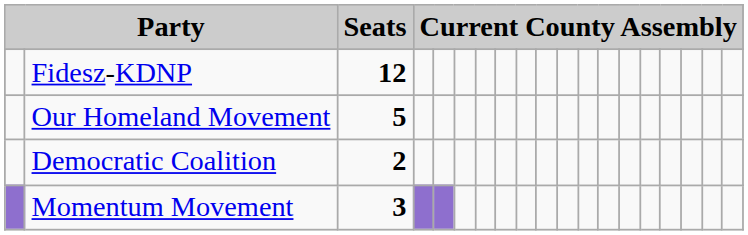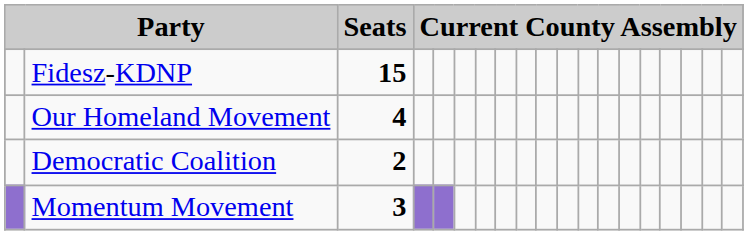 <table class="wikitable">
 <tr>
 <th style="background:#ccc" colspan="2">Party</th>
 <th style="background:#ccc">Seats</th>
 <th style="background:#ccc" colspan="24">Current County Assembly</th>
 </tr>
 <tr>
 <td style="background-color: "> </td>
 <td><a href='#'>Fidesz</a>-<a href='#'>KDNP</a></td>
-<td style="text-align: right"><strong>12</strong></td>
+<td style="text-align: right"><strong>15</strong></td>
 <td style="background-color: "> </td>
 <td style="background-color: "> </td>
 <td style="background-color: "> </td>
 <td style="background-color: "> </td>
 <td style="background-color: "> </td>
 <td style="background-color: "> </td>
 <td style="background-color: "> </td>
 <td style="background-color: "> </td>
 <td style="background-color: "> </td>
 <td style="background-color: "> </td>
 <td style="background-color: "> </td>
 <td style="background-color: "> </td>
 <td style="background-color: "> </td>
 <td style="background-color: "> </td>
 <td style="background-color: "> </td>
 <td> </td>
 </tr>
 <tr>
 <td style="background-color: "> </td>
 <td><a href='#'>Our Homeland Movement</a></td>
-<td style="text-align: right"><strong>5</strong></td>
+<td style="text-align: right"><strong>4</strong></td>
 <td style="background-color: "> </td>
 <td style="background-color: "> </td>
 <td style="background-color: "> </td>
 <td style="background-color: "> </td>
 <td> </td>
 <td> </td>
 <td> </td>
 <td> </td>
 <td> </td>
 <td> </td>
 <td> </td>
 <td> </td>
 <td> </td>
 <td> </td>
 <td> </td>
 </tr>
 <tr>
 <td style="background-color: "> </td>
 <td><a href='#'>Democratic Coalition</a></td>
 <td style="text-align: right"><strong>2</strong></td>
 <td style="background-color: "> </td>
 <td style="background-color: "> </td>
 <td> </td>
 <td> </td>
 <td> </td>
 <td> </td>
 <td> </td>
 <td> </td>
 <td> </td>
 <td> </td>
 <td> </td>
 <td> </td>
 <td> </td>
 <td> </td>
 <td> </td>
 <td> </td>
 </tr>
 <tr>
 <td style="background-color: #8E6FCE"> </td>
 <td><a href='#'>Momentum Movement</a></td>
 <td style="text-align: right"><strong>3</strong></td>
 <td style="background-color: #8E6FCE"> </td>
 <td style="background-color: #8E6FCE"> </td>
 <td> </td>
 <td> </td>
 <td> </td>
 <td> </td>
 <td> </td>
 <td> </td>
 <td> </td>
 <td> </td>
 <td> </td>
 <td> </td>
 <td> </td>
 <td> </td>
 <td> </td>
 <td> </td>
 </tr>
 </table>
